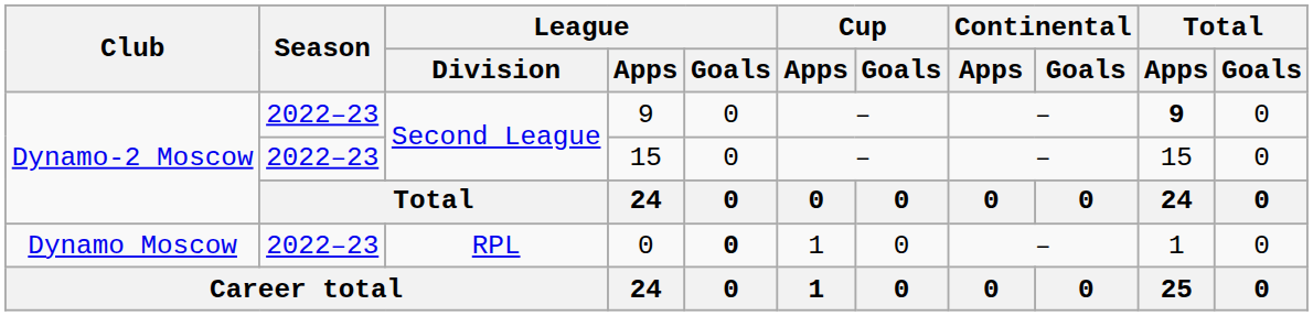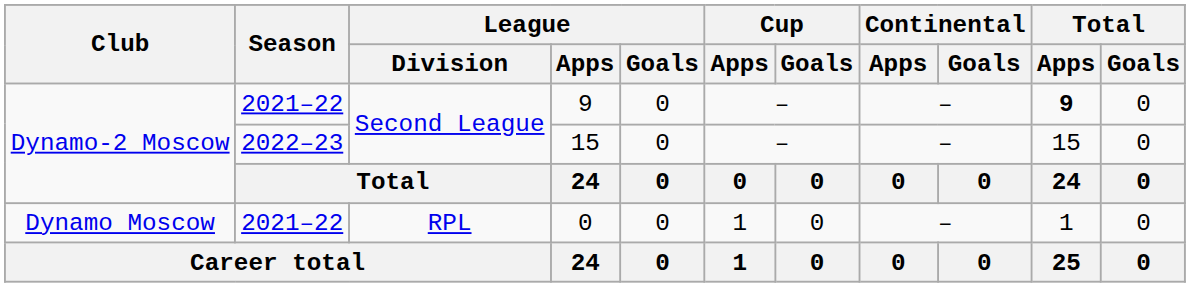 <table class="wikitable" style="text-align: center;">
 <tr>
 <th rowspan=2>Club</th>
 <th rowspan=2>Season</th>
 <th colspan=3>League</th>
 <th colspan=2>Cup</th>
 <th colspan=2>Continental</th>
 <th colspan=2>Total</th>
 </tr>
 <tr>
 <th>Division</th>
 <th>Apps</th>
 <th>Goals</th>
 <th>Apps</th>
 <th>Goals</th>
 <th>Apps</th>
 <th>Goals</th>
 <th>Apps</th>
 <th>Goals</th>
 </tr>
 <tr>
 <td rowspan="3"><a href='#'>Dynamo-2 Moscow</a></td>
-<td><a href='#'>2022–23</a></td>
+<td><a href='#'>2021–22</a></td>
 <td rowspan="2"><a href='#'>Second League</a></td>
 <td>9</td>
 <td>0</td>
 <td colspan=2>–</td>
 <td colspan=2>–</td>
 <td><strong>9</strong></td>
 <td>0</td>
 </tr>
 <tr>
 <td><a href='#'>2022–23</a></td>
 <td>15</td>
 <td>0</td>
 <td colspan=2>–</td>
 <td colspan=2>–</td>
 <td>15</td>
 <td>0</td>
 </tr>
 <tr>
 <th colspan=2>Total</th>
 <th>24</th>
 <th>0</th>
 <th>0</th>
 <th>0</th>
 <th>0</th>
 <th>0</th>
 <th>24</th>
 <th>0</th>
 </tr>
 <tr>
 <td><a href='#'>Dynamo Moscow</a></td>
-<td><a href='#'>2022–23</a></td>
+<td><a href='#'>2021–22</a></td>
 <td><a href='#'>RPL</a></td>
 <td>0</td>
-<td><strong>0</strong></td>
+<td>0</td>
 <td>1</td>
 <td>0</td>
 <td colspan=2>–</td>
 <td>1</td>
 <td>0</td>
 </tr>
 <tr>
 <th colspan=3>Career total</th>
 <th>24</th>
 <th>0</th>
 <th>1</th>
 <th>0</th>
 <th>0</th>
 <th>0</th>
 <th>25</th>
 <th>0</th>
 </tr>
 </table>
